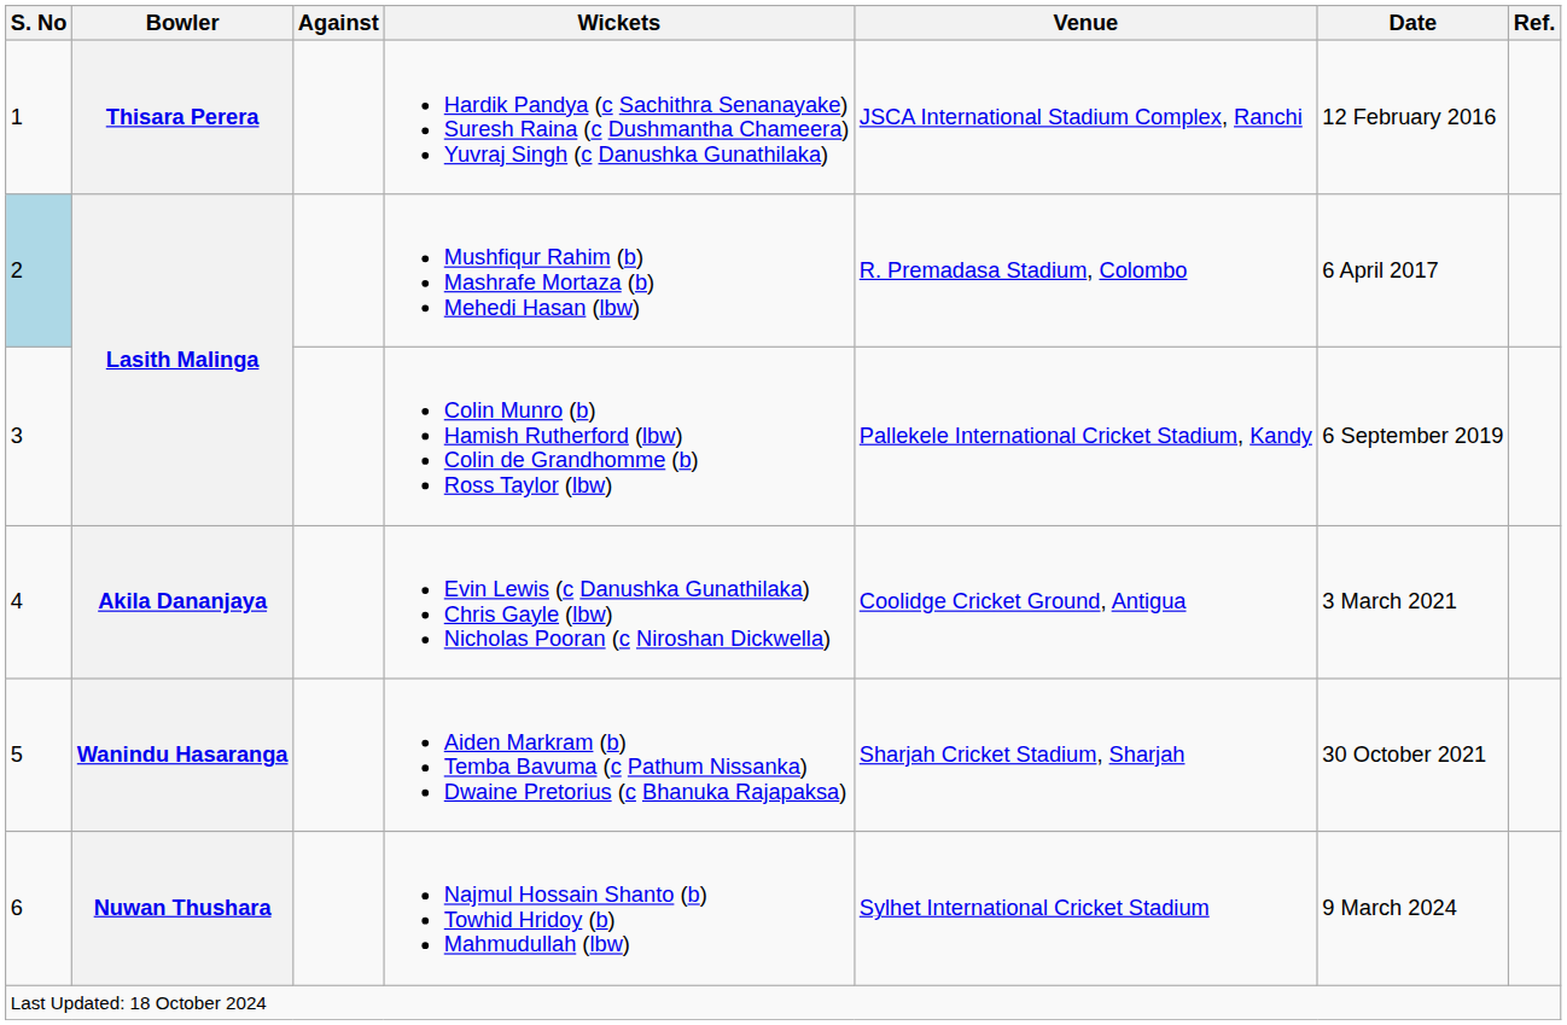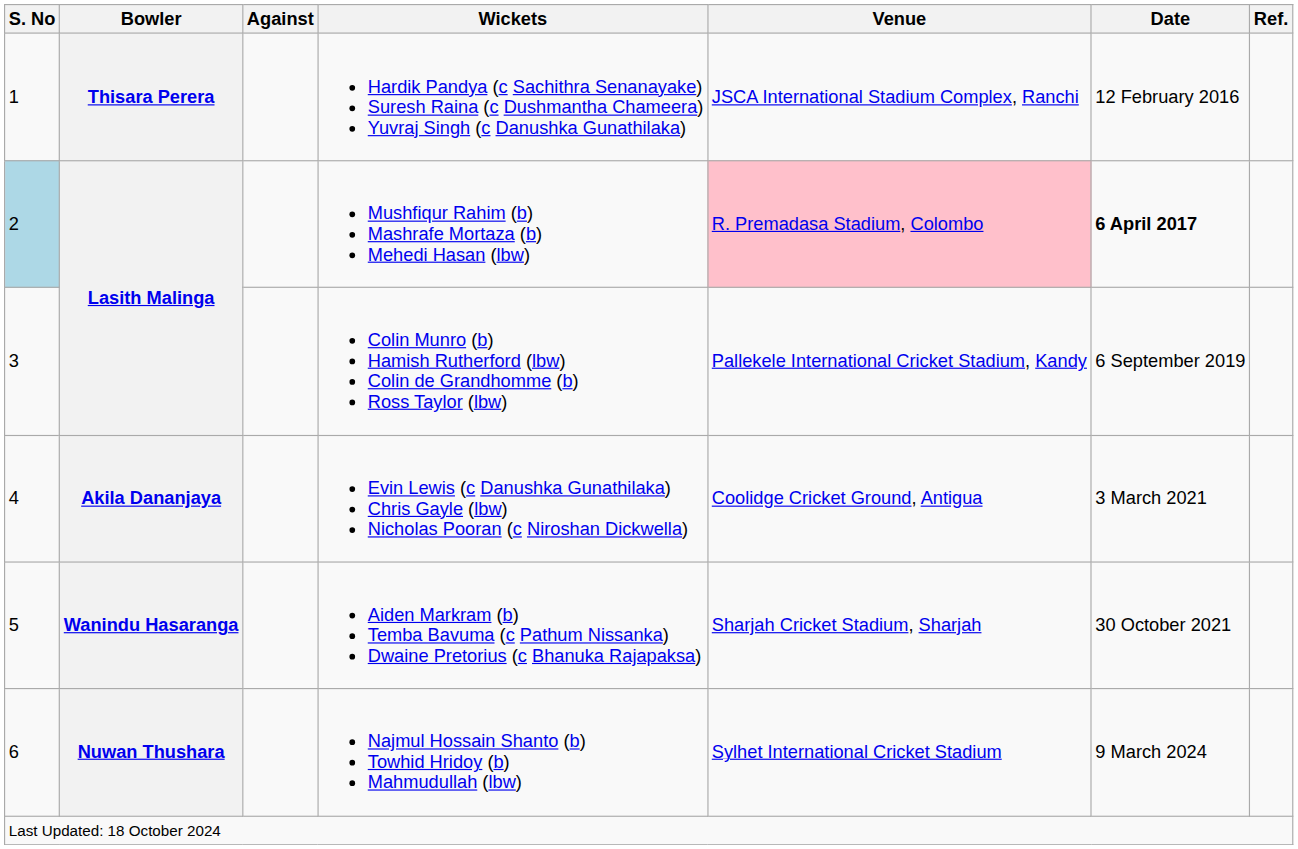 <table class="wikitable sortable plainrowheaders" border="1">
 <tr>
 <th>S. No</th>
 <th>Bowler</th>
 <th>Against</th>
 <th class="unsortable">Wickets</th>
 <th>Venue</th>
 <th>Date</th>
 <th>Ref.</th>
 </tr>
 <tr>
 <td>1</td>
 <th scope="row" style="text-align:center;"><a href='#'>Thisara Perera</a></th>
 <td></td>
 <td><br><ul><li><a href='#'>Hardik Pandya</a> (<a href='#'>c</a> <a href='#'>Sachithra Senanayake</a>)</li><li><a href='#'>Suresh Raina</a> (<a href='#'>c</a> <a href='#'>Dushmantha Chameera</a>)</li><li><a href='#'>Yuvraj Singh</a> (<a href='#'>c</a> <a href='#'>Danushka Gunathilaka</a>)</li></ul></td>
 <td> <a href='#'>JSCA International Stadium Complex</a>, <a href='#'>Ranchi</a></td>
 <td>12 February 2016</td>
 <td></td>
 </tr>
 <tr>
 <td style="background: lightblue;">2</td>
 <th scope="row" style="text-align:center;" rowspan=2><a href='#'>Lasith Malinga</a></th>
 <td></td>
 <td><br><ul><li><a href='#'>Mushfiqur Rahim</a> (<a href='#'>b</a>)</li><li><a href='#'>Mashrafe Mortaza</a> (<a href='#'>b</a>)</li><li><a href='#'>Mehedi Hasan</a> (<a href='#'>lbw</a>)</li></ul></td>
-<td> <a href='#'>R. Premadasa Stadium</a>, <a href='#'>Colombo</a></td>
-<td>6 April 2017</td>
+<td style="background: pink;"> <a href='#'>R. Premadasa Stadium</a>, <a href='#'>Colombo</a></td>
+<td><strong>6 April 2017</strong></td>
 <td></td>
 </tr>
 <tr>
 <td>3</td>
 <td></td>
 <td><br><ul><li><a href='#'>Colin Munro</a> (<a href='#'>b</a>)</li><li><a href='#'>Hamish Rutherford</a> (<a href='#'>lbw</a>)</li><li><a href='#'>Colin de Grandhomme</a> (<a href='#'>b</a>)</li><li><a href='#'>Ross Taylor</a> (<a href='#'>lbw</a>)</li></ul></td>
 <td> <a href='#'>Pallekele International Cricket Stadium</a>, <a href='#'>Kandy</a></td>
 <td>6 September 2019</td>
 <td></td>
 </tr>
 <tr>
 <td>4</td>
 <th scope="row" style="text-align:center;"><a href='#'>Akila Dananjaya</a></th>
 <td></td>
 <td><br><ul><li><a href='#'>Evin Lewis</a> (<a href='#'>c</a> <a href='#'>Danushka Gunathilaka</a>)</li><li><a href='#'>Chris Gayle</a> (<a href='#'>lbw</a>)</li><li><a href='#'>Nicholas Pooran</a> (<a href='#'>c</a> <a href='#'>Niroshan Dickwella</a>)</li></ul></td>
 <td> <a href='#'>Coolidge Cricket Ground</a>, <a href='#'>Antigua</a></td>
 <td>3 March 2021</td>
 <td></td>
 </tr>
 <tr>
 <td>5</td>
 <th scope="row" style="text-align:center;"><a href='#'>Wanindu Hasaranga</a></th>
 <td></td>
 <td><br><ul><li><a href='#'>Aiden Markram</a> (<a href='#'>b</a>)</li><li><a href='#'>Temba Bavuma</a> (<a href='#'>c</a> <a href='#'>Pathum Nissanka</a>)</li><li><a href='#'>Dwaine Pretorius</a> (<a href='#'>c</a> <a href='#'>Bhanuka Rajapaksa</a>)</li></ul></td>
 <td> <a href='#'>Sharjah Cricket Stadium</a>, <a href='#'>Sharjah</a></td>
 <td>30 October 2021 </td>
 <td></td>
 </tr>
 <tr>
 <td>6</td>
 <th scope="row" style="text-align:center;"><a href='#'>Nuwan Thushara</a></th>
 <td></td>
 <td><br><ul><li><a href='#'>Najmul Hossain Shanto</a> (<a href='#'>b</a>)</li><li><a href='#'>Towhid Hridoy</a> (<a href='#'>b</a>)</li><li><a href='#'>Mahmudullah</a> (<a href='#'>lbw</a>)</li></ul></td>
 <td> <a href='#'>Sylhet International Cricket Stadium</a></td>
 <td>9 March 2024</td>
 <td></td>
 </tr>
 <tr class="sortbottom">
 <td colspan="7"><small>Last Updated: 18 October 2024</small></td>
 </tr>
 </table>
